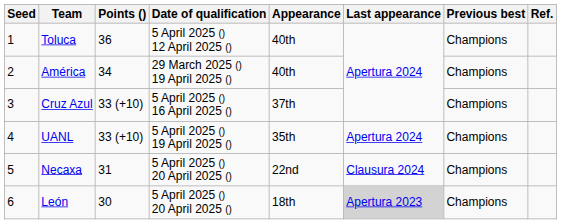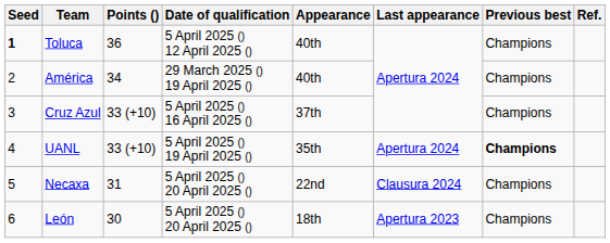 <table class="wikitable sortable">
 <tr>
 <th>Seed</th>
 <th>Team</th>
 <th>Points ()</th>
 <th>Date of qualification</th>
 <th>Appearance</th>
 <th>Last appearance</th>
 <th>Previous best </th>
 <th>Ref.</th>
 </tr>
 <tr>
-<td>1</td>
+<td><strong>1</strong></td>
 <td><a href='#'>Toluca</a></td>
 <td>36</td>
 <td>5 April 2025 <small>()</small><br>12 April 2025 <small>()</small></td>
 <td>40th</td>
 <td rowspan="3"><a href='#'>Apertura 2024</a></td>
 <td>Champions </td>
 <td></td>
 </tr>
 <tr>
 <td>2</td>
 <td><a href='#'>América</a></td>
 <td>34</td>
 <td>29 March 2025 <small>()</small><br>19 April 2025 <small>()</small></td>
 <td>40th</td>
 <td>Champions </td>
 <td></td>
 </tr>
 <tr>
 <td>3</td>
 <td><a href='#'>Cruz Azul</a></td>
 <td>33 (+10)</td>
 <td>5 April 2025 <small>()</small><br>16 April 2025 <small>()</small></td>
 <td>37th</td>
 <td>Champions </td>
 <td></td>
 </tr>
 <tr>
 <td>4</td>
 <td><a href='#'>UANL</a></td>
 <td>33 (+10)</td>
 <td>5 April 2025 <small>()</small><br>19 April 2025 <small>()</small></td>
 <td>35th</td>
 <td rowspan="1"><a href='#'>Apertura 2024</a></td>
-<td>Champions </td>
+<td><strong>Champions </strong></td>
 <td></td>
 </tr>
 <tr>
 <td>5</td>
 <td><a href='#'>Necaxa</a></td>
 <td>31</td>
 <td>5 April 2025 <small>()</small><br>20 April 2025 <small>()</small></td>
 <td>22nd</td>
 <td rowspan="1"><a href='#'>Clausura 2024</a></td>
 <td>Champions </td>
 <td></td>
 </tr>
 <tr>
 <td>6</td>
 <td><a href='#'>León</a></td>
 <td>30</td>
 <td>5 April 2025 <small>()</small><br>20 April 2025 <small>()</small></td>
 <td>18th</td>
-<td rowspan="1" style="background: lightgrey;"><a href='#'>Apertura 2023</a></td>
+<td rowspan="1"><a href='#'>Apertura 2023</a></td>
 <td>Champions </td>
 <td></td>
 </tr>
 </table>
